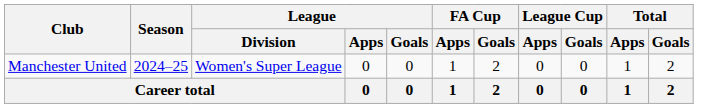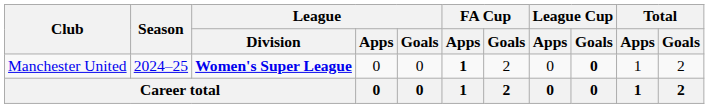 <table class="wikitable" style="text-align:center">
 <tr>
 <th rowspan="2">Club</th>
 <th rowspan="2">Season</th>
 <th colspan="3">League</th>
 <th colspan="2">FA Cup</th>
 <th colspan="2">League Cup</th>
 <th colspan="2">Total</th>
 </tr>
 <tr>
 <th>Division</th>
 <th>Apps</th>
 <th>Goals</th>
 <th>Apps</th>
 <th>Goals</th>
 <th>Apps</th>
 <th>Goals</th>
 <th>Apps</th>
 <th>Goals</th>
 </tr>
 <tr>
 <td><a href='#'>Manchester United</a></td>
 <td><a href='#'>2024–25</a></td>
-<td><a href='#'>Women's Super League</a></td>
+<td><strong><a href='#'>Women's Super League</a></strong></td>
 <td>0</td>
 <td>0</td>
-<td>1</td>
+<td><strong>1</strong></td>
 <td>2</td>
 <td>0</td>
-<td>0</td>
+<td><strong>0</strong></td>
 <td>1</td>
 <td>2</td>
 </tr>
 <tr>
 <th colspan="3">Career total</th>
 <th>0</th>
 <th>0</th>
 <th>1</th>
 <th>2</th>
 <th>0</th>
 <th>0</th>
 <th>1</th>
 <th>2</th>
 </tr>
 </table>
